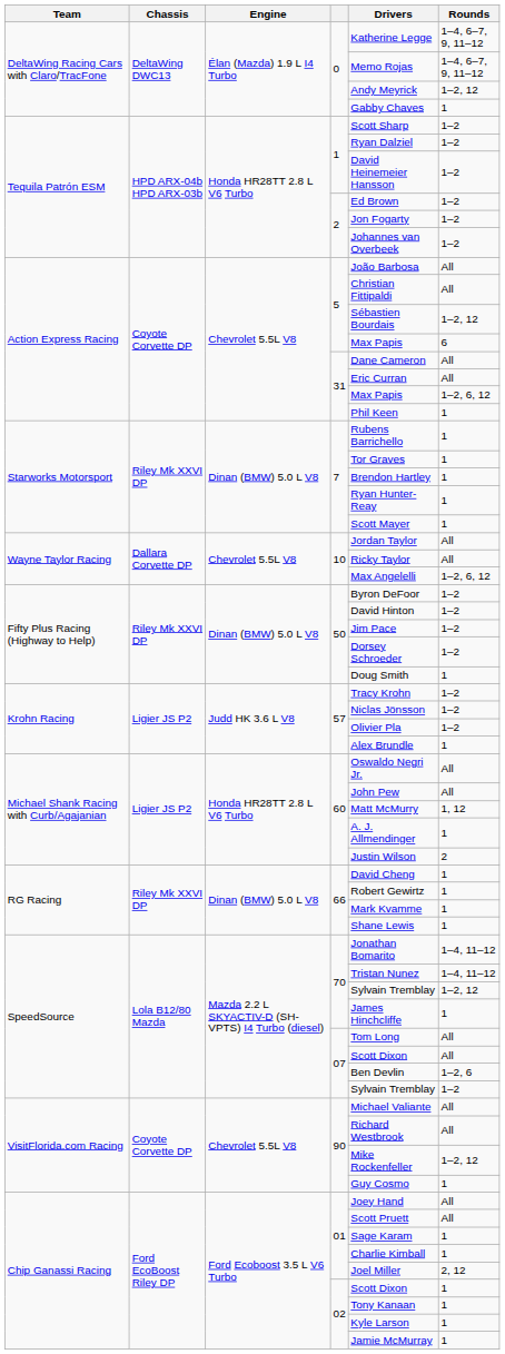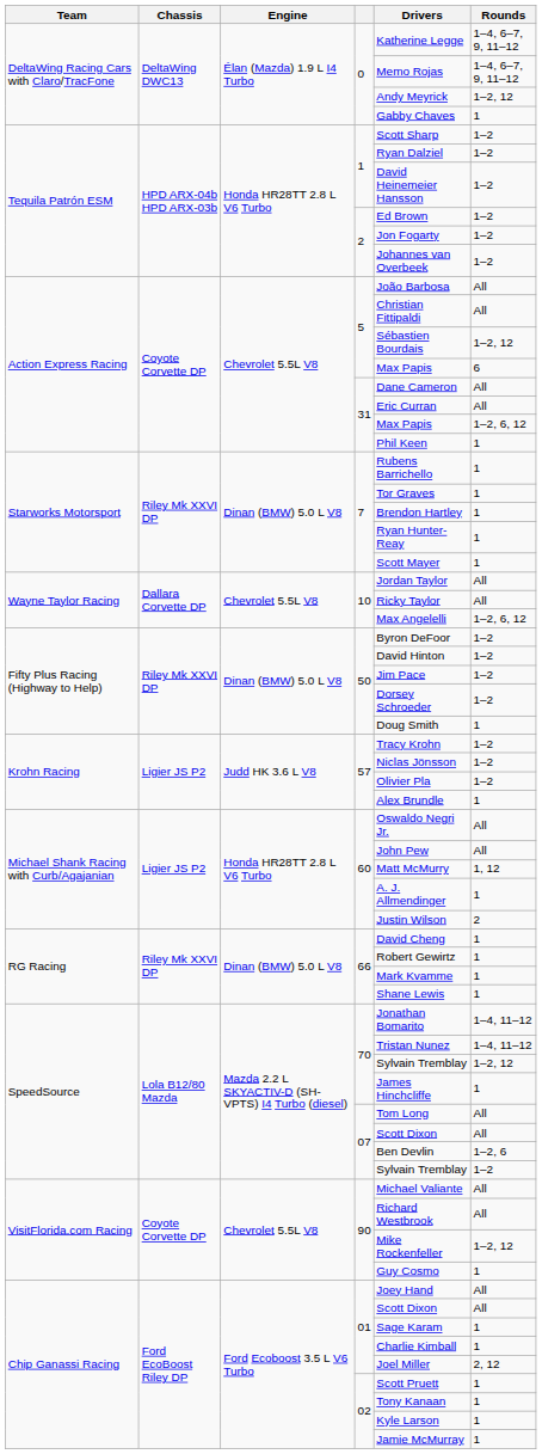 <table class="wikitable" style="font-size: 85%">
 <tr>
 <th>Team</th>
 <th>Chassis</th>
 <th>Engine</th>
 <th></th>
 <th>Drivers</th>
 <th>Rounds</th>
 </tr>
 <tr>
 <td rowspan=4> <a href='#'>DeltaWing Racing Cars</a> with <a href='#'>Claro</a>/<a href='#'>TracFone</a></td>
 <td rowspan=4><a href='#'>DeltaWing DWC13</a></td>
 <td rowspan=4><a href='#'>Élan</a> (<a href='#'>Mazda</a>) 1.9 L <a href='#'>I4</a> <a href='#'>Turbo</a></td>
 <td rowspan=4>0</td>
 <td> <a href='#'>Katherine Legge</a></td>
 <td>1–4, 6–7, 9, 11–12</td>
 </tr>
 <tr>
 <td> <a href='#'>Memo Rojas</a></td>
 <td>1–4, 6–7, 9, 11–12</td>
 </tr>
 <tr>
 <td> <a href='#'>Andy Meyrick</a></td>
 <td>1–2, 12</td>
 </tr>
 <tr>
 <td> <a href='#'>Gabby Chaves</a></td>
 <td>1</td>
 </tr>
 <tr>
 <td rowspan=6> <a href='#'>Tequila Patrón ESM</a></td>
 <td rowspan=6><a href='#'>HPD ARX-04b</a> <small></small><br><a href='#'>HPD ARX-03b</a> <small></small></td>
 <td rowspan=6><a href='#'>Honda</a> HR28TT 2.8 L <a href='#'>V6</a> <a href='#'>Turbo</a></td>
 <td rowspan=3>1</td>
 <td> <a href='#'>Scott Sharp</a></td>
 <td>1–2</td>
 </tr>
 <tr>
 <td> <a href='#'>Ryan Dalziel</a></td>
 <td>1–2</td>
 </tr>
 <tr>
 <td> <a href='#'>David Heinemeier Hansson</a></td>
 <td>1–2</td>
 </tr>
 <tr>
 <td rowspan=3>2</td>
 <td> <a href='#'>Ed Brown</a></td>
 <td>1–2</td>
 </tr>
 <tr>
 <td> <a href='#'>Jon Fogarty</a></td>
 <td>1–2</td>
 </tr>
 <tr>
 <td> <a href='#'>Johannes van Overbeek</a></td>
 <td>1–2</td>
 </tr>
 <tr>
 <td rowspan=8> <a href='#'>Action Express Racing</a></td>
 <td rowspan=8><a href='#'>Coyote</a> <a href='#'>Corvette DP</a></td>
 <td rowspan=8><a href='#'>Chevrolet</a> 5.5L <a href='#'>V8</a></td>
 <td rowspan=4>5</td>
 <td> <a href='#'>João Barbosa</a></td>
 <td>All</td>
 </tr>
 <tr>
 <td> <a href='#'>Christian Fittipaldi</a></td>
 <td>All</td>
 </tr>
 <tr>
 <td> <a href='#'>Sébastien Bourdais</a></td>
 <td>1–2, 12</td>
 </tr>
 <tr>
 <td> <a href='#'>Max Papis</a></td>
 <td>6</td>
 </tr>
 <tr>
 <td rowspan=4>31</td>
 <td> <a href='#'>Dane Cameron</a></td>
 <td>All</td>
 </tr>
 <tr>
 <td> <a href='#'>Eric Curran</a></td>
 <td>All</td>
 </tr>
 <tr>
 <td> <a href='#'>Max Papis</a></td>
 <td>1–2, 6, 12</td>
 </tr>
 <tr>
 <td> <a href='#'>Phil Keen</a></td>
 <td>1</td>
 </tr>
 <tr>
 <td rowspan=5> <a href='#'>Starworks Motorsport</a></td>
 <td rowspan=5><a href='#'>Riley Mk XXVI DP</a></td>
 <td rowspan=5><a href='#'>Dinan</a> (<a href='#'>BMW</a>) 5.0 L <a href='#'>V8</a></td>
 <td rowspan=5>7</td>
 <td> <a href='#'>Rubens Barrichello</a></td>
 <td>1</td>
 </tr>
 <tr>
 <td> <a href='#'>Tor Graves</a></td>
 <td>1</td>
 </tr>
 <tr>
 <td> <a href='#'>Brendon Hartley</a></td>
 <td>1</td>
 </tr>
 <tr>
 <td> <a href='#'>Ryan Hunter-Reay</a></td>
 <td>1</td>
 </tr>
 <tr>
 <td> <a href='#'>Scott Mayer</a></td>
 <td>1</td>
 </tr>
 <tr>
 <td rowspan=3> <a href='#'>Wayne Taylor Racing</a></td>
 <td rowspan=3><a href='#'>Dallara</a> <a href='#'>Corvette DP</a></td>
 <td rowspan=3><a href='#'>Chevrolet</a> 5.5L <a href='#'>V8</a></td>
 <td rowspan=3>10</td>
 <td> <a href='#'>Jordan Taylor</a></td>
 <td>All</td>
 </tr>
 <tr>
 <td> <a href='#'>Ricky Taylor</a></td>
 <td>All</td>
 </tr>
 <tr>
 <td> <a href='#'>Max Angelelli</a></td>
 <td>1–2, 6, 12</td>
 </tr>
 <tr>
 <td rowspan=5> Fifty Plus Racing (Highway to Help)</td>
 <td rowspan=5><a href='#'>Riley Mk XXVI DP</a></td>
 <td rowspan=5><a href='#'>Dinan</a> (<a href='#'>BMW</a>) 5.0 L <a href='#'>V8</a></td>
 <td rowspan=5>50</td>
 <td> Byron DeFoor</td>
 <td>1–2</td>
 </tr>
 <tr>
 <td> David Hinton</td>
 <td>1–2</td>
 </tr>
 <tr>
 <td> <a href='#'>Jim Pace</a></td>
 <td>1–2</td>
 </tr>
 <tr>
 <td> <a href='#'>Dorsey Schroeder</a></td>
 <td>1–2</td>
 </tr>
 <tr>
 <td> Doug Smith</td>
 <td>1</td>
 </tr>
 <tr>
 <td rowspan=4> <a href='#'>Krohn Racing</a></td>
 <td rowspan=4><a href='#'>Ligier JS P2</a></td>
 <td rowspan=4><a href='#'>Judd</a> HK 3.6 L <a href='#'>V8</a></td>
 <td rowspan=4>57</td>
 <td> <a href='#'>Tracy Krohn</a></td>
 <td>1–2</td>
 </tr>
 <tr>
 <td> <a href='#'>Niclas Jönsson</a></td>
 <td>1–2</td>
 </tr>
 <tr>
 <td> <a href='#'>Olivier Pla</a></td>
 <td>1–2</td>
 </tr>
 <tr>
 <td> <a href='#'>Alex Brundle</a></td>
 <td>1</td>
 </tr>
 <tr>
 <td rowspan=5> <a href='#'>Michael Shank Racing</a> with <a href='#'>Curb/Agajanian</a></td>
 <td rowspan=5><a href='#'>Ligier JS P2</a></td>
 <td rowspan=5><a href='#'>Honda</a> HR28TT 2.8 L <a href='#'>V6</a> <a href='#'>Turbo</a></td>
 <td rowspan=5>60</td>
 <td> <a href='#'>Oswaldo Negri Jr.</a></td>
 <td>All</td>
 </tr>
 <tr>
 <td> <a href='#'>John Pew</a></td>
 <td>All</td>
 </tr>
 <tr>
 <td> <a href='#'>Matt McMurry</a></td>
 <td>1, 12</td>
 </tr>
 <tr>
 <td> <a href='#'>A. J. Allmendinger</a></td>
 <td>1</td>
 </tr>
 <tr>
 <td> <a href='#'>Justin Wilson</a></td>
 <td>2</td>
 </tr>
 <tr>
 <td rowspan=4> RG Racing</td>
 <td rowspan=4><a href='#'>Riley Mk XXVI DP</a></td>
 <td rowspan=4><a href='#'>Dinan</a> (<a href='#'>BMW</a>) 5.0 L <a href='#'>V8</a></td>
 <td rowspan=4>66</td>
 <td> <a href='#'>David Cheng</a></td>
 <td>1</td>
 </tr>
 <tr>
 <td> Robert Gewirtz</td>
 <td>1</td>
 </tr>
 <tr>
 <td> <a href='#'>Mark Kvamme</a></td>
 <td>1</td>
 </tr>
 <tr>
 <td> <a href='#'>Shane Lewis</a></td>
 <td>1</td>
 </tr>
 <tr>
 <td rowspan=8> SpeedSource</td>
 <td rowspan=8><a href='#'>Lola B12/80 Mazda</a></td>
 <td rowspan=8><a href='#'>Mazda</a> 2.2 L <a href='#'>SKYACTIV-D</a> (SH-VPTS) <a href='#'>I4</a> <a href='#'>Turbo</a> (<a href='#'>diesel</a>)</td>
 <td rowspan=4>70</td>
 <td> <a href='#'>Jonathan Bomarito</a></td>
 <td>1–4, 11–12</td>
 </tr>
 <tr>
 <td> <a href='#'>Tristan Nunez</a></td>
 <td>1–4, 11–12</td>
 </tr>
 <tr>
 <td> Sylvain Tremblay</td>
 <td>1–2, 12</td>
 </tr>
 <tr>
 <td> <a href='#'>James Hinchcliffe</a></td>
 <td>1</td>
 </tr>
 <tr>
 <td rowspan=4>07</td>
 <td> <a href='#'>Tom Long</a></td>
 <td>All</td>
 </tr>
 <tr>
 <td> <a href='#'>Scott Dixon</a></td>
 <td>All</td>
 </tr>
 <tr>
 <td> Ben Devlin</td>
 <td>1–2, 6</td>
 </tr>
 <tr>
 <td> Sylvain Tremblay</td>
 <td>1–2</td>
 </tr>
 <tr>
 <td rowspan=4> <a href='#'>VisitFlorida.com Racing</a></td>
 <td rowspan=4><a href='#'>Coyote</a> <a href='#'>Corvette DP</a></td>
 <td rowspan=4><a href='#'>Chevrolet</a> 5.5L <a href='#'>V8</a></td>
 <td rowspan=4>90</td>
 <td> <a href='#'>Michael Valiante</a></td>
 <td>All</td>
 </tr>
 <tr>
 <td> <a href='#'>Richard Westbrook</a></td>
 <td>All</td>
 </tr>
 <tr>
 <td> <a href='#'>Mike Rockenfeller</a></td>
 <td>1–2, 12</td>
 </tr>
 <tr>
 <td> <a href='#'>Guy Cosmo</a></td>
 <td>1</td>
 </tr>
 <tr>
 <td rowspan=9> <a href='#'>Chip Ganassi Racing</a></td>
 <td rowspan=9><a href='#'>Ford EcoBoost Riley DP</a></td>
 <td rowspan=9><a href='#'>Ford</a> <a href='#'>Ecoboost</a> 3.5 L <a href='#'>V6</a> <a href='#'>Turbo</a></td>
 <td rowspan=5>01</td>
 <td> <a href='#'>Joey Hand</a></td>
 <td>All</td>
 </tr>
 <tr>
-<td> <a href='#'>Scott Pruett</a></td>
+<td> <a href='#'>Scott Dixon</a></td>
 <td>All</td>
 </tr>
 <tr>
 <td> <a href='#'>Sage Karam</a></td>
 <td>1</td>
 </tr>
 <tr>
 <td> <a href='#'>Charlie Kimball</a></td>
 <td>1</td>
 </tr>
 <tr>
 <td> <a href='#'>Joel Miller</a></td>
 <td>2, 12</td>
 </tr>
 <tr>
 <td rowspan=4>02</td>
-<td> <a href='#'>Scott Dixon</a></td>
+<td> <a href='#'>Scott Pruett</a></td>
 <td>1</td>
 </tr>
 <tr>
 <td> <a href='#'>Tony Kanaan</a></td>
 <td>1</td>
 </tr>
 <tr>
 <td> <a href='#'>Kyle Larson</a></td>
 <td>1</td>
 </tr>
 <tr>
 <td> <a href='#'>Jamie McMurray</a></td>
 <td>1</td>
 </tr>
 </table>
